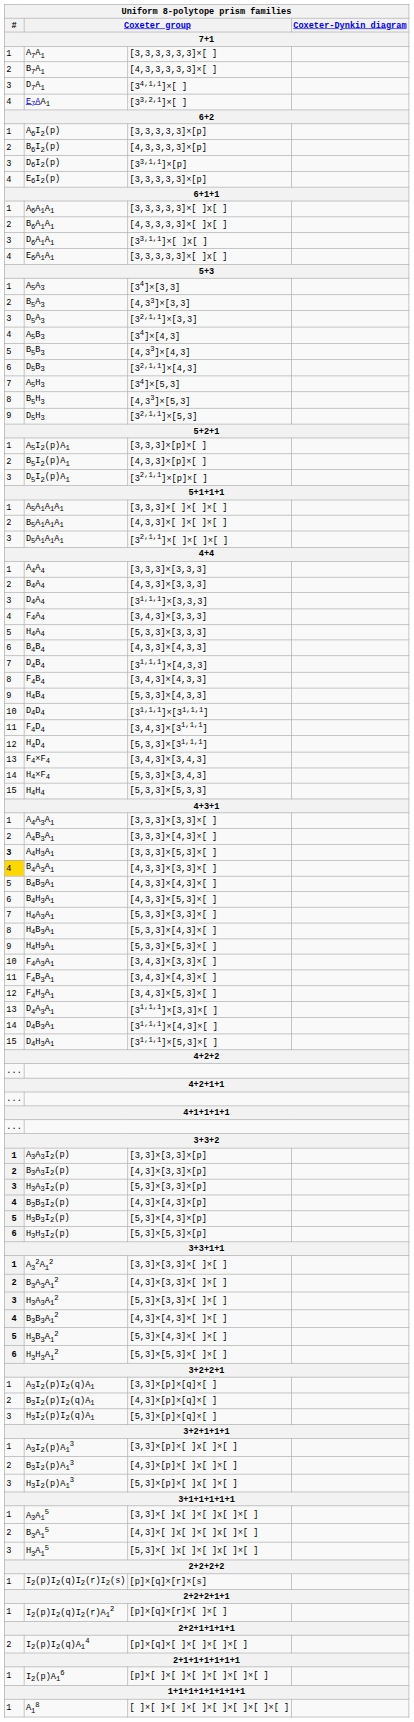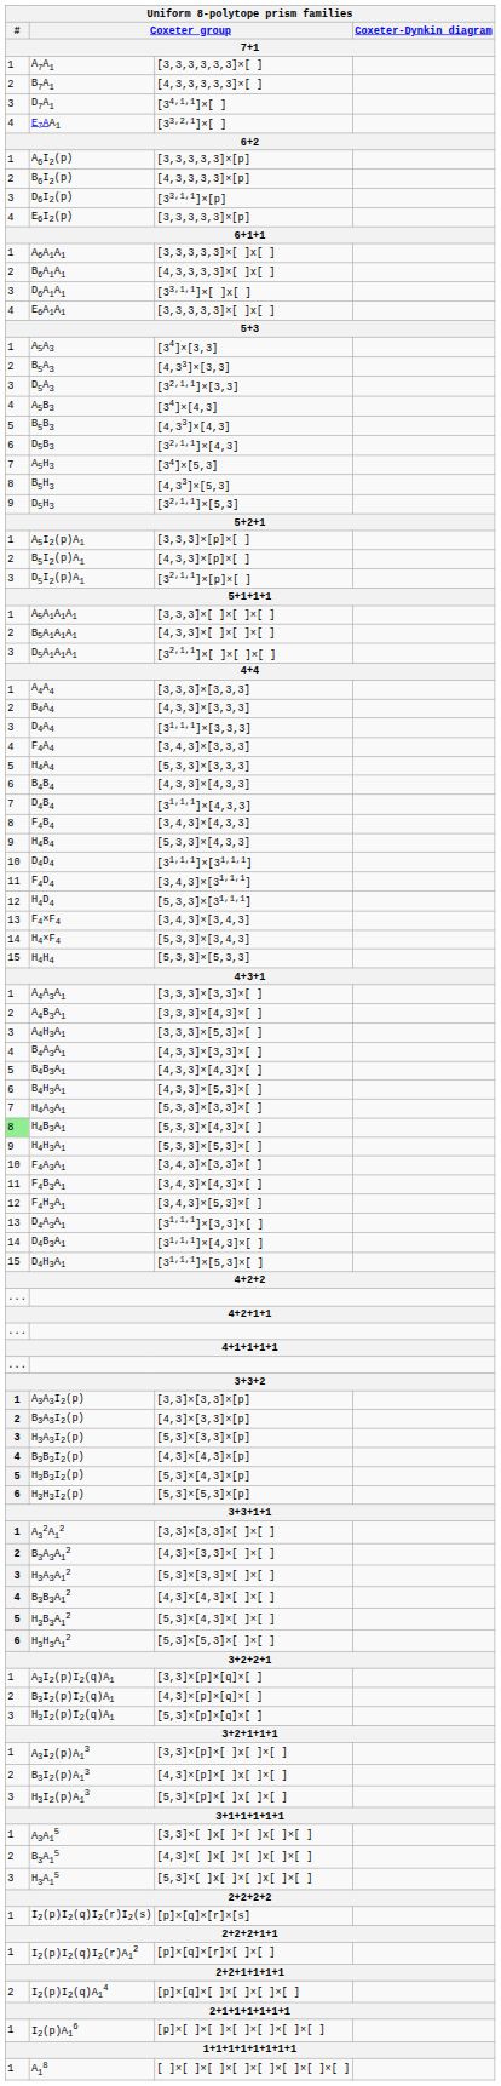 <table class="wikitable collapsible collapsed">
 <tr>
 <th colspan=12>Uniform 8-polytope prism families</th>
 </tr>
 <tr>
 <th>#</th>
 <th colspan=2><a href='#'>Coxeter group</a></th>
 <th><a href='#'>Coxeter-Dynkin diagram</a></th>
 </tr>
 <tr>
 <th colspan=4>7+1</th>
 </tr>
 <tr>
 <td>1</td>
 <td>A<sub>7</sub>A<sub>1</sub></td>
 <td>[3,3,3,3,3,3]×[ ]</td>
 <td></td>
 </tr>
 <tr>
 <td>2</td>
 <td>B<sub>7</sub>A<sub>1</sub></td>
 <td>[4,3,3,3,3,3]×[ ]</td>
 <td></td>
 </tr>
 <tr>
 <td>3</td>
 <td>D<sub>7</sub>A<sub>1</sub></td>
 <td>[3<sup>4,1,1</sup>]×[ ]</td>
 <td></td>
 </tr>
 <tr>
 <td>4</td>
 <td><a href='#'>E<sub>7</sub>A</a>A<sub>1</sub></td>
 <td>[3<sup>3,2,1</sup>]×[ ]</td>
 <td></td>
 </tr>
 <tr>
 <th colspan=4>6+2</th>
 </tr>
 <tr>
 <td>1</td>
 <td>A<sub>6</sub>I<sub>2</sub>(p)</td>
 <td>[3,3,3,3,3]×[p]</td>
 <td></td>
 </tr>
 <tr>
 <td>2</td>
 <td>B<sub>6</sub>I<sub>2</sub>(p)</td>
 <td>[4,3,3,3,3]×[p]</td>
 <td></td>
 </tr>
 <tr>
 <td>3</td>
 <td>D<sub>6</sub>I<sub>2</sub>(p)</td>
 <td>[3<sup>3,1,1</sup>]×[p]</td>
 <td></td>
 </tr>
 <tr>
 <td>4</td>
 <td>E<sub>6</sub>I<sub>2</sub>(p)</td>
 <td>[3,3,3,3,3]×[p]</td>
 <td></td>
 </tr>
 <tr>
 <th colspan=4>6+1+1</th>
 </tr>
 <tr>
 <td>1</td>
 <td>A<sub>6</sub>A<sub>1</sub>A<sub>1</sub></td>
 <td>[3,3,3,3,3]×[ ]x[ ]</td>
 <td></td>
 </tr>
 <tr>
 <td>2</td>
 <td>B<sub>6</sub>A<sub>1</sub>A<sub>1</sub></td>
 <td>[4,3,3,3,3]×[ ]x[ ]</td>
 <td></td>
 </tr>
 <tr>
 <td>3</td>
 <td>D<sub>6</sub>A<sub>1</sub>A<sub>1</sub></td>
 <td>[3<sup>3,1,1</sup>]×[ ]x[ ]</td>
 <td></td>
 </tr>
 <tr>
 <td>4</td>
 <td>E<sub>6</sub>A<sub>1</sub>A<sub>1</sub></td>
 <td>[3,3,3,3,3]×[ ]x[ ]</td>
 <td></td>
 </tr>
 <tr>
 <th colspan=4>5+3</th>
 </tr>
 <tr>
 <td>1</td>
 <td>A<sub>5</sub>A<sub>3</sub></td>
 <td>[3<sup>4</sup>]×[3,3]</td>
 <td></td>
 </tr>
 <tr>
 <td>2</td>
 <td>B<sub>5</sub>A<sub>3</sub></td>
 <td>[4,3<sup>3</sup>]×[3,3]</td>
 <td></td>
 </tr>
 <tr>
 <td>3</td>
 <td>D<sub>5</sub>A<sub>3</sub></td>
 <td>[3<sup>2,1,1</sup>]×[3,3]</td>
 <td></td>
 </tr>
 <tr>
 <td>4</td>
 <td>A<sub>5</sub>B<sub>3</sub></td>
 <td>[3<sup>4</sup>]×[4,3]</td>
 <td></td>
 </tr>
 <tr>
 <td>5</td>
 <td>B<sub>5</sub>B<sub>3</sub></td>
 <td>[4,3<sup>3</sup>]×[4,3]</td>
 <td></td>
 </tr>
 <tr>
 <td>6</td>
 <td>D<sub>5</sub>B<sub>3</sub></td>
 <td>[3<sup>2,1,1</sup>]×[4,3]</td>
 <td></td>
 </tr>
 <tr>
 <td>7</td>
 <td>A<sub>5</sub>H<sub>3</sub></td>
 <td>[3<sup>4</sup>]×[5,3]</td>
 <td></td>
 </tr>
 <tr>
 <td>8</td>
 <td>B<sub>5</sub>H<sub>3</sub></td>
 <td>[4,3<sup>3</sup>]×[5,3]</td>
 <td></td>
 </tr>
 <tr>
 <td>9</td>
 <td>D<sub>5</sub>H<sub>3</sub></td>
 <td>[3<sup>2,1,1</sup>]×[5,3]</td>
 <td></td>
 </tr>
 <tr>
 <th colspan=4>5+2+1</th>
 </tr>
 <tr>
 <td>1</td>
 <td>A<sub>5</sub>I<sub>2</sub>(p)A<sub>1</sub></td>
 <td>[3,3,3]×[p]×[ ]</td>
 <td></td>
 </tr>
 <tr>
 <td>2</td>
 <td>B<sub>5</sub>I<sub>2</sub>(p)A<sub>1</sub></td>
 <td>[4,3,3]×[p]×[ ]</td>
 <td></td>
 </tr>
 <tr>
 <td>3</td>
 <td>D<sub>5</sub>I<sub>2</sub>(p)A<sub>1</sub></td>
 <td>[3<sup>2,1,1</sup>]×[p]×[ ]</td>
 <td></td>
 </tr>
 <tr>
 <th colspan=4>5+1+1+1</th>
 </tr>
 <tr>
 <td>1</td>
 <td>A<sub>5</sub>A<sub>1</sub>A<sub>1</sub>A<sub>1</sub></td>
 <td>[3,3,3]×[ ]×[ ]×[ ]</td>
 <td></td>
 </tr>
 <tr>
 <td>2</td>
 <td>B<sub>5</sub>A<sub>1</sub>A<sub>1</sub>A<sub>1</sub></td>
 <td>[4,3,3]×[ ]×[ ]×[ ]</td>
 <td></td>
 </tr>
 <tr>
 <td>3</td>
 <td>D<sub>5</sub>A<sub>1</sub>A<sub>1</sub>A<sub>1</sub></td>
 <td>[3<sup>2,1,1</sup>]×[ ]×[ ]×[ ]</td>
 <td></td>
 </tr>
 <tr>
 <th colspan=4>4+4</th>
 </tr>
 <tr>
 <td>1</td>
 <td>A<sub>4</sub>A<sub>4</sub></td>
 <td>[3,3,3]×[3,3,3]</td>
 <td></td>
 </tr>
 <tr>
 <td>2</td>
 <td>B<sub>4</sub>A<sub>4</sub></td>
 <td>[4,3,3]×[3,3,3]</td>
 <td></td>
 </tr>
 <tr>
 <td>3</td>
 <td>D<sub>4</sub>A<sub>4</sub></td>
 <td>[3<sup>1,1,1</sup>]×[3,3,3]</td>
 <td></td>
 </tr>
 <tr>
 <td>4</td>
 <td>F<sub>4</sub>A<sub>4</sub></td>
 <td>[3,4,3]×[3,3,3]</td>
 <td></td>
 </tr>
 <tr>
 <td>5</td>
 <td>H<sub>4</sub>A<sub>4</sub></td>
 <td>[5,3,3]×[3,3,3]</td>
 <td></td>
 </tr>
 <tr>
 <td>6</td>
 <td>B<sub>4</sub>B<sub>4</sub></td>
 <td>[4,3,3]×[4,3,3]</td>
 <td></td>
 </tr>
 <tr>
 <td>7</td>
 <td>D<sub>4</sub>B<sub>4</sub></td>
 <td>[3<sup>1,1,1</sup>]×[4,3,3]</td>
 <td></td>
 </tr>
 <tr>
 <td>8</td>
 <td>F<sub>4</sub>B<sub>4</sub></td>
 <td>[3,4,3]×[4,3,3]</td>
 <td></td>
 </tr>
 <tr>
 <td>9</td>
 <td>H<sub>4</sub>B<sub>4</sub></td>
 <td>[5,3,3]×[4,3,3]</td>
 <td></td>
 </tr>
 <tr>
 <td>10</td>
 <td>D<sub>4</sub>D<sub>4</sub></td>
 <td>[3<sup>1,1,1</sup>]×[3<sup>1,1,1</sup>]</td>
 <td></td>
 </tr>
 <tr>
 <td>11</td>
 <td>F<sub>4</sub>D<sub>4</sub></td>
 <td>[3,4,3]×[3<sup>1,1,1</sup>]</td>
 <td></td>
 </tr>
 <tr>
 <td>12</td>
 <td>H<sub>4</sub>D<sub>4</sub></td>
 <td>[5,3,3]×[3<sup>1,1,1</sup>]</td>
 <td></td>
 </tr>
 <tr>
 <td>13</td>
 <td>F<sub>4</sub>×F<sub>4</sub></td>
 <td>[3,4,3]×[3,4,3]</td>
 <td></td>
 </tr>
 <tr>
 <td>14</td>
 <td>H<sub>4</sub>×F<sub>4</sub></td>
 <td>[5,3,3]×[3,4,3]</td>
 <td></td>
 </tr>
 <tr>
 <td>15</td>
 <td>H<sub>4</sub>H<sub>4</sub></td>
 <td>[5,3,3]×[5,3,3]</td>
 <td></td>
 </tr>
 <tr>
 <th colspan=4>4+3+1</th>
 </tr>
 <tr>
 <td>1</td>
 <td>A<sub>4</sub>A<sub>3</sub>A<sub>1</sub></td>
 <td>[3,3,3]×[3,3]×[ ]</td>
 <td></td>
 </tr>
 <tr>
 <td>2</td>
 <td>A<sub>4</sub>B<sub>3</sub>A<sub>1</sub></td>
 <td>[3,3,3]×[4,3]×[ ]</td>
 <td></td>
 </tr>
 <tr>
-<td><strong>3</strong></td>
+<td>3</td>
 <td>A<sub>4</sub>H<sub>3</sub>A<sub>1</sub></td>
 <td>[3,3,3]×[5,3]×[ ]</td>
 <td></td>
 </tr>
 <tr>
-<td style="background: gold;">4</td>
+<td>4</td>
 <td>B<sub>4</sub>A<sub>3</sub>A<sub>1</sub></td>
 <td>[4,3,3]×[3,3]×[ ]</td>
 <td></td>
 </tr>
 <tr>
 <td>5</td>
 <td>B<sub>4</sub>B<sub>3</sub>A<sub>1</sub></td>
 <td>[4,3,3]×[4,3]×[ ]</td>
 <td></td>
 </tr>
 <tr>
 <td>6</td>
 <td>B<sub>4</sub>H<sub>3</sub>A<sub>1</sub></td>
 <td>[4,3,3]×[5,3]×[ ]</td>
 <td></td>
 </tr>
 <tr>
 <td>7</td>
 <td>H<sub>4</sub>A<sub>3</sub>A<sub>1</sub></td>
 <td>[5,3,3]×[3,3]×[ ]</td>
 <td></td>
 </tr>
 <tr>
-<td>8</td>
+<td style="background: lightgreen;">8</td>
 <td>H<sub>4</sub>B<sub>3</sub>A<sub>1</sub></td>
 <td>[5,3,3]×[4,3]×[ ]</td>
 <td></td>
 </tr>
 <tr>
 <td>9</td>
 <td>H<sub>4</sub>H<sub>3</sub>A<sub>1</sub></td>
 <td>[5,3,3]×[5,3]×[ ]</td>
 <td></td>
 </tr>
 <tr>
 <td>10</td>
 <td>F<sub>4</sub>A<sub>3</sub>A<sub>1</sub></td>
 <td>[3,4,3]×[3,3]×[ ]</td>
 <td></td>
 </tr>
 <tr>
 <td>11</td>
 <td>F<sub>4</sub>B<sub>3</sub>A<sub>1</sub></td>
 <td>[3,4,3]×[4,3]×[ ]</td>
 <td></td>
 </tr>
 <tr>
 <td>12</td>
 <td>F<sub>4</sub>H<sub>3</sub>A<sub>1</sub></td>
 <td>[3,4,3]×[5,3]×[ ]</td>
 <td></td>
 </tr>
 <tr>
 <td>13</td>
 <td>D<sub>4</sub>A<sub>3</sub>A<sub>1</sub></td>
 <td>[3<sup>1,1,1</sup>]×[3,3]×[ ]</td>
 <td></td>
 </tr>
 <tr>
 <td>14</td>
 <td>D<sub>4</sub>B<sub>3</sub>A<sub>1</sub></td>
 <td>[3<sup>1,1,1</sup>]×[4,3]×[ ]</td>
 <td></td>
 </tr>
 <tr>
 <td>15</td>
 <td>D<sub>4</sub>H<sub>3</sub>A<sub>1</sub></td>
 <td>[3<sup>1,1,1</sup>]×[5,3]×[ ]</td>
 <td></td>
 </tr>
 <tr>
 <th colspan=4>4+2+2</th>
 </tr>
 <tr>
 <td>...</td>
 </tr>
 <tr>
 <th colspan=4>4+2+1+1</th>
 </tr>
 <tr>
 <td>...</td>
 </tr>
 <tr>
 <th colspan=4>4+1+1+1+1</th>
 </tr>
 <tr>
 <td>...</td>
 </tr>
 <tr>
 <th colspan=4>3+3+2</th>
 </tr>
 <tr>
 <th>1</th>
 <td>A<sub>3</sub>A<sub>3</sub>I<sub>2</sub>(p)</td>
 <td>[3,3]×[3,3]×[p]</td>
 <td></td>
 </tr>
 <tr>
 <th>2</th>
 <td>B<sub>3</sub>A<sub>3</sub>I<sub>2</sub>(p)</td>
 <td>[4,3]×[3,3]×[p]</td>
 <td></td>
 </tr>
 <tr>
 <th>3</th>
 <td>H<sub>3</sub>A<sub>3</sub>I<sub>2</sub>(p)</td>
 <td>[5,3]×[3,3]×[p]</td>
 <td></td>
 </tr>
 <tr>
 <th>4</th>
 <td>B<sub>3</sub>B<sub>3</sub>I<sub>2</sub>(p)</td>
 <td>[4,3]×[4,3]×[p]</td>
 <td></td>
 </tr>
 <tr>
 <th>5</th>
 <td>H<sub>3</sub>B<sub>3</sub>I<sub>2</sub>(p)</td>
 <td>[5,3]×[4,3]×[p]</td>
 <td></td>
 </tr>
 <tr>
 <th>6</th>
 <td>H<sub>3</sub>H<sub>3</sub>I<sub>2</sub>(p)</td>
 <td>[5,3]×[5,3]×[p]</td>
 <td></td>
 </tr>
 <tr>
 <th colspan=4>3+3+1+1</th>
 </tr>
 <tr>
 <th>1</th>
 <td>A<sub>3</sub><sup>2</sup>A<sub>1</sub><sup>2</sup></td>
 <td>[3,3]×[3,3]×[ ]×[ ]</td>
 <td></td>
 </tr>
 <tr>
 <th>2</th>
 <td>B<sub>3</sub>A<sub>3</sub>A<sub>1</sub><sup>2</sup></td>
 <td>[4,3]×[3,3]×[ ]×[ ]</td>
 <td></td>
 </tr>
 <tr>
 <th>3</th>
 <td>H<sub>3</sub>A<sub>3</sub>A<sub>1</sub><sup>2</sup></td>
 <td>[5,3]×[3,3]×[ ]×[ ]</td>
 <td></td>
 </tr>
 <tr>
 <th>4</th>
 <td>B<sub>3</sub>B<sub>3</sub>A<sub>1</sub><sup>2</sup></td>
 <td>[4,3]×[4,3]×[ ]×[ ]</td>
 <td></td>
 </tr>
 <tr>
 <th>5</th>
 <td>H<sub>3</sub>B<sub>3</sub>A<sub>1</sub><sup>2</sup></td>
 <td>[5,3]×[4,3]×[ ]×[ ]</td>
 <td></td>
 </tr>
 <tr>
 <th>6</th>
 <td>H<sub>3</sub>H<sub>3</sub>A<sub>1</sub><sup>2</sup></td>
 <td>[5,3]×[5,3]×[ ]×[ ]</td>
 <td></td>
 </tr>
 <tr>
 <th colspan=4>3+2+2+1</th>
 </tr>
 <tr>
 <td>1</td>
 <td>A<sub>3</sub>I<sub>2</sub>(p)I<sub>2</sub>(q)A<sub>1</sub></td>
 <td>[3,3]×[p]×[q]×[ ]</td>
 <td></td>
 </tr>
 <tr>
 <td>2</td>
 <td>B<sub>3</sub>I<sub>2</sub>(p)I<sub>2</sub>(q)A<sub>1</sub></td>
 <td>[4,3]×[p]×[q]×[ ]</td>
 <td></td>
 </tr>
 <tr>
 <td>3</td>
 <td>H<sub>3</sub>I<sub>2</sub>(p)I<sub>2</sub>(q)A<sub>1</sub></td>
 <td>[5,3]×[p]×[q]×[ ]</td>
 <td></td>
 </tr>
 <tr>
 <th colspan=4>3+2+1+1+1</th>
 </tr>
 <tr>
 <td>1</td>
 <td>A<sub>3</sub>I<sub>2</sub>(p)A<sub>1</sub><sup>3</sup></td>
 <td>[3,3]×[p]×[ ]x[ ]×[ ]</td>
 <td></td>
 </tr>
 <tr>
 <td>2</td>
 <td>B<sub>3</sub>I<sub>2</sub>(p)A<sub>1</sub><sup>3</sup></td>
 <td>[4,3]×[p]×[ ]x[ ]×[ ]</td>
 <td></td>
 </tr>
 <tr>
 <td>3</td>
 <td>H<sub>3</sub>I<sub>2</sub>(p)A<sub>1</sub><sup>3</sup></td>
 <td>[5,3]×[p]×[ ]x[ ]×[ ]</td>
 <td></td>
 </tr>
 <tr>
 <th colspan=4>3+1+1+1+1+1</th>
 </tr>
 <tr>
 <td>1</td>
 <td>A<sub>3</sub>A<sub>1</sub><sup>5</sup></td>
 <td>[3,3]×[ ]x[ ]×[ ]x[ ]×[ ]</td>
 <td></td>
 </tr>
 <tr>
 <td>2</td>
 <td>B<sub>3</sub>A<sub>1</sub><sup>5</sup></td>
 <td>[4,3]×[ ]x[ ]×[ ]x[ ]×[ ]</td>
 <td></td>
 </tr>
 <tr>
 <td>3</td>
 <td>H<sub>3</sub>A<sub>1</sub><sup>5</sup></td>
 <td>[5,3]×[ ]x[ ]×[ ]x[ ]×[ ]</td>
 <td></td>
 </tr>
 <tr>
 <th colspan=4>2+2+2+2</th>
 </tr>
 <tr>
 <td>1</td>
 <td>I<sub>2</sub>(p)I<sub>2</sub>(q)I<sub>2</sub>(r)I<sub>2</sub>(s)</td>
 <td>[p]×[q]×[r]×[s]</td>
 <td></td>
 </tr>
 <tr>
 <th colspan=4>2+2+2+1+1</th>
 </tr>
 <tr>
 <td>1</td>
 <td>I<sub>2</sub>(p)I<sub>2</sub>(q)I<sub>2</sub>(r)A<sub>1</sub><sup>2</sup></td>
 <td>[p]×[q]×[r]×[ ]×[ ]</td>
 <td></td>
 </tr>
 <tr>
 <th colspan=4>2+2+1+1+1+1</th>
 </tr>
 <tr>
 <td>2</td>
 <td>I<sub>2</sub>(p)I<sub>2</sub>(q)A<sub>1</sub><sup>4</sup></td>
 <td>[p]×[q]×[ ]×[ ]×[ ]×[ ]</td>
 <td></td>
 </tr>
 <tr>
 <th colspan=4>2+1+1+1+1+1+1</th>
 </tr>
 <tr>
 <td>1</td>
 <td>I<sub>2</sub>(p)A<sub>1</sub><sup>6</sup></td>
 <td>[p]×[ ]×[ ]×[ ]×[ ]×[ ]×[ ]</td>
 <td></td>
 </tr>
 <tr>
 <th colspan=4>1+1+1+1+1+1+1+1</th>
 </tr>
 <tr>
 <td>1</td>
 <td>A<sub>1</sub><sup>8</sup></td>
 <td>[ ]×[ ]×[ ]×[ ]×[ ]×[ ]×[ ]×[ ]</td>
 <td></td>
 </tr>
 </table>
